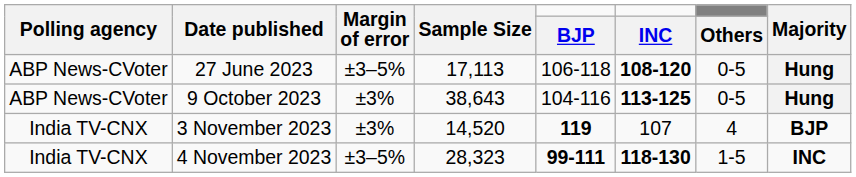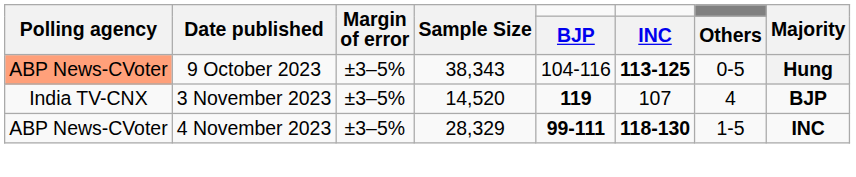 <table class="wikitable" style="text-align:center;font-size:95%;line-height:16px;">
 <tr>
 <th rowspan="2">Polling agency</th>
 <th rowspan="2">Date published</th>
 <th rowspan="2">Margin<br>of error</th>
 <th rowspan="2">Sample Size</th>
 <td></td>
 <td></td>
 <td bgcolor="grey"></td>
 <th rowspan="2">Majority</th>
 </tr>
 <tr>
 <th><a href='#'>BJP</a></th>
 <th><a href='#'>INC</a></th>
 <th>Others</th>
 </tr>
 <tr>
-<td>ABP News-CVoter</td>
-<td>27 June 2023</td>
+<td style="background: lightsalmon;">ABP News-CVoter</td>
+<td>9 October 2023</td>
 <td>±3–5%</td>
-<td>17,113</td>
-<td>106-118</td>
-<td><strong>108-120</strong></td>
-<td>0-5</td>
-<th><strong>Hung</strong></th>
-</tr>
-<tr>
-<td>ABP News-CVoter</td>
-<td>9 October 2023</td>
-<td>±3%</td>
-<td>38,643</td>
+<td>38,343</td>
 <td>104-116</td>
 <td><strong>113-125</strong></td>
 <td>0-5</td>
 <th><strong>Hung</strong></th>
 </tr>
 <tr>
 <td>India TV-CNX</td>
 <td>3 November 2023</td>
-<td>±3%</td>
+<td>±3–5%</td>
 <td>14,520</td>
 <td><strong>119</strong></td>
 <td>107</td>
 <td>4</td>
 <td><strong>BJP</strong></td>
 </tr>
 <tr>
-<td>India TV-CNX</td>
+<td>ABP News-CVoter</td>
 <td>4 November 2023</td>
 <td>±3–5%</td>
-<td>28,323</td>
+<td>28,329</td>
 <td><strong>99-111</strong></td>
 <td><strong>118-130</strong></td>
 <td>1-5</td>
 <td><strong>INC</strong></td>
 </tr>
 </table>
